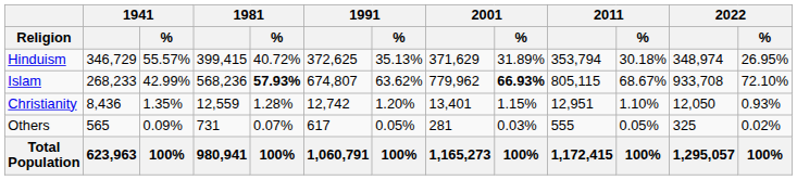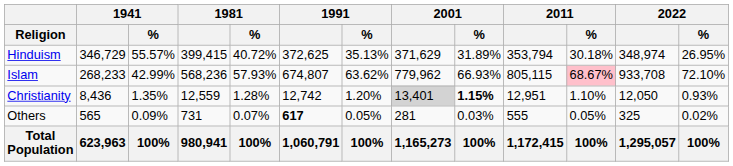 <table class="wikitable sortable">
 <tr>
 <th></th>
 <th colspan="2">1941</th>
 <th colspan="2">1981</th>
 <th colspan="2">1991</th>
 <th colspan="2">2001</th>
 <th colspan="2">2011</th>
 <th colspan="2">2022</th>
 </tr>
 <tr>
 <th>Religion</th>
 <th></th>
 <th>%</th>
 <th></th>
 <th>%</th>
 <th></th>
 <th>%</th>
 <th></th>
 <th>%</th>
 <th></th>
 <th>%</th>
 <th></th>
 <th>%</th>
 </tr>
 <tr>
 <td><a href='#'>Hinduism</a> </td>
 <td>346,729</td>
 <td>55.57%</td>
 <td>399,415</td>
 <td>40.72%</td>
 <td>372,625</td>
 <td>35.13%</td>
 <td>371,629</td>
 <td>31.89%</td>
 <td>353,794</td>
 <td>30.18%</td>
 <td>348,974</td>
 <td>26.95%</td>
 </tr>
 <tr>
 <td><a href='#'>Islam</a> </td>
 <td>268,233</td>
 <td>42.99%</td>
 <td>568,236</td>
-<td><strong>57.93%</strong></td>
+<td>57.93%</td>
 <td>674,807</td>
 <td>63.62%</td>
 <td>779,962</td>
-<td><strong>66.93%</strong></td>
+<td>66.93%</td>
 <td>805,115</td>
-<td>68.67%</td>
+<td style="background: pink;">68.67%</td>
 <td>933,708</td>
 <td>72.10%</td>
 </tr>
 <tr>
 <td><a href='#'>Christianity</a> </td>
 <td>8,436</td>
 <td>1.35%</td>
 <td>12,559</td>
 <td>1.28%</td>
 <td>12,742</td>
 <td>1.20%</td>
-<td>13,401</td>
-<td>1.15%</td>
+<td style="background: lightgrey;">13,401</td>
+<td><strong>1.15%</strong></td>
 <td>12,951</td>
 <td>1.10%</td>
 <td>12,050</td>
 <td>0.93%</td>
 </tr>
 <tr>
 <td>Others </td>
 <td>565</td>
 <td>0.09%</td>
 <td>731</td>
 <td>0.07%</td>
-<td>617</td>
+<td><strong>617</strong></td>
 <td>0.05%</td>
 <td>281</td>
 <td>0.03%</td>
 <td>555</td>
 <td>0.05%</td>
 <td>325</td>
 <td>0.02%</td>
 </tr>
 <tr>
 <th>Total Population</th>
 <th>623,963</th>
 <th>100%</th>
 <th><strong>980,941</strong></th>
 <th>100%</th>
 <th>1,060,791</th>
 <th>100%</th>
 <th>1,165,273</th>
 <th>100%</th>
 <th>1,172,415</th>
 <th>100%</th>
 <th>1,295,057</th>
 <th>100%</th>
 </tr>
 </table>
